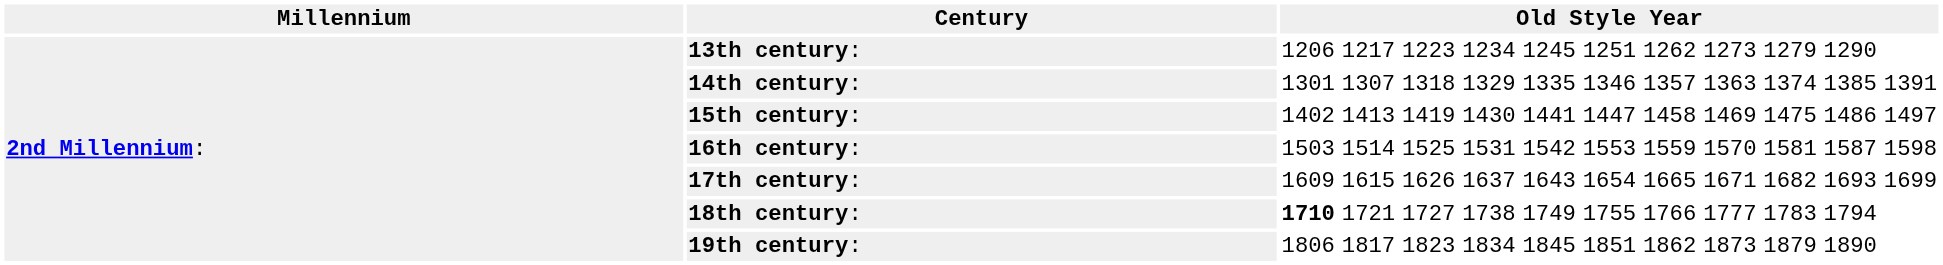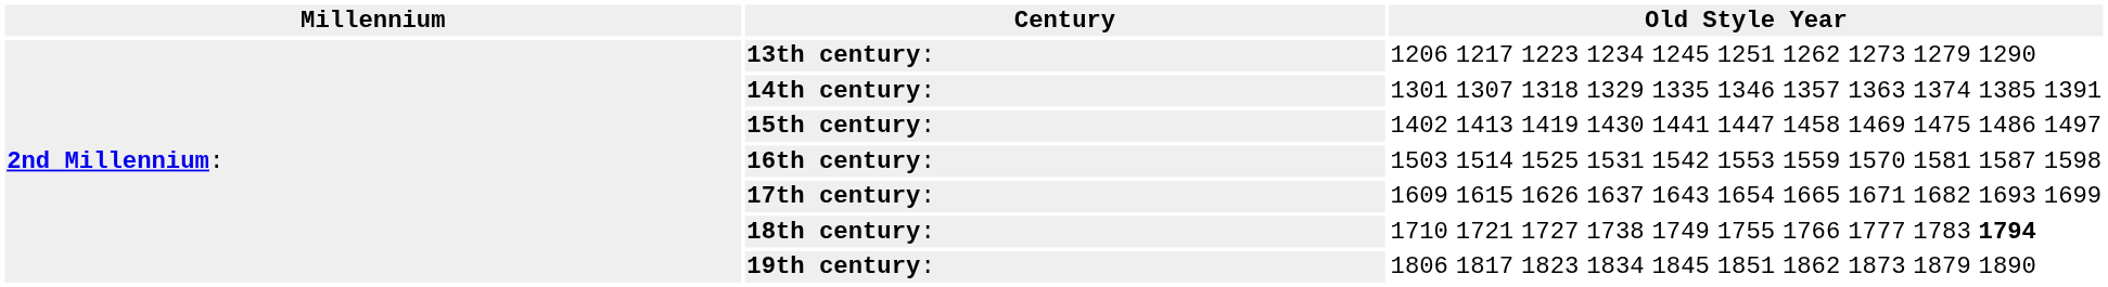 <table>
 <tr style="background-color:#efefef;">
 <th>Millennium</th>
 <th>Century</th>
 <th align="center" colspan="11">Old Style Year</th>
 </tr>
 <tr>
 <td style="background-color:#efefef;" rowspan="7"><strong><a href='#'>2nd Millennium</a></strong>:</td>
 <td style="background-color:#efefef;"><strong>13th century</strong>:</td>
 <td width="3%">1206</td>
 <td width="3%">1217</td>
 <td width="3%">1223</td>
 <td width="3%">1234</td>
 <td width="3%">1245</td>
 <td width="3%">1251</td>
 <td width="3%">1262</td>
 <td width="3%">1273</td>
 <td width="3%">1279</td>
 <td width="3%">1290</td>
 </tr>
 <tr>
 <td style="background-color:#efefef;"><strong>14th century</strong>:</td>
 <td width="3%">1301</td>
 <td width="3%">1307</td>
 <td width="3%">1318</td>
 <td width="3%">1329</td>
 <td width="3%">1335</td>
 <td width="3%">1346</td>
 <td width="3%">1357</td>
 <td width="3%">1363</td>
 <td width="3%">1374</td>
 <td width="3%">1385</td>
 <td width="3%">1391</td>
 </tr>
 <tr>
 <td style="background-color:#efefef;"><strong>15th century</strong>:</td>
 <td width="3%">1402</td>
 <td width="3%">1413</td>
 <td width="3%">1419</td>
 <td width="3%">1430</td>
 <td width="3%">1441</td>
 <td width="3%">1447</td>
 <td width="3%">1458</td>
 <td width="3%">1469</td>
 <td width="3%">1475</td>
 <td width="3%">1486</td>
 <td width="3%">1497</td>
 </tr>
 <tr>
 <td style="background-color:#efefef;"><strong>16th century</strong>:</td>
 <td width="3%">1503</td>
 <td width="3%">1514</td>
 <td width="3%">1525</td>
 <td width="3%">1531</td>
 <td width="3%">1542</td>
 <td width="3%">1553</td>
 <td width="3%">1559</td>
 <td width="3%">1570</td>
 <td width="3%">1581</td>
 <td width="3%">1587</td>
 <td width="3%">1598</td>
 </tr>
 <tr>
 <td style="background-color:#efefef;"><strong>17th century</strong>:</td>
 <td width="3%">1609</td>
 <td width="3%">1615</td>
 <td width="3%">1626</td>
 <td width="3%">1637</td>
 <td width="3%">1643</td>
 <td width="3%">1654</td>
 <td width="3%">1665</td>
 <td width="3%">1671</td>
 <td width="3%">1682</td>
 <td width="3%">1693</td>
 <td width="3%">1699</td>
 </tr>
 <tr>
 <td style="background-color:#efefef;"><strong>18th century</strong>:</td>
-<td width="3%"><strong>1710</strong></td>
+<td width="3%">1710</td>
 <td width="3%">1721</td>
 <td width="3%">1727</td>
 <td width="3%">1738</td>
 <td width="3%">1749</td>
 <td width="3%">1755</td>
 <td width="3%">1766</td>
 <td width="3%">1777</td>
 <td width="3%">1783</td>
-<td width="3%">1794</td>
+<td width="3%"><strong>1794</strong></td>
 </tr>
 <tr>
 <td style="background-color:#efefef;"><strong>19th century</strong>:</td>
 <td width="3%">1806</td>
 <td width="3%">1817</td>
 <td width="3%">1823</td>
 <td width="3%">1834</td>
 <td width="3%">1845</td>
 <td width="3%">1851</td>
 <td width="3%">1862</td>
 <td width="3%">1873</td>
 <td width="3%">1879</td>
 <td width="3%">1890</td>
 </tr>
 </table>
